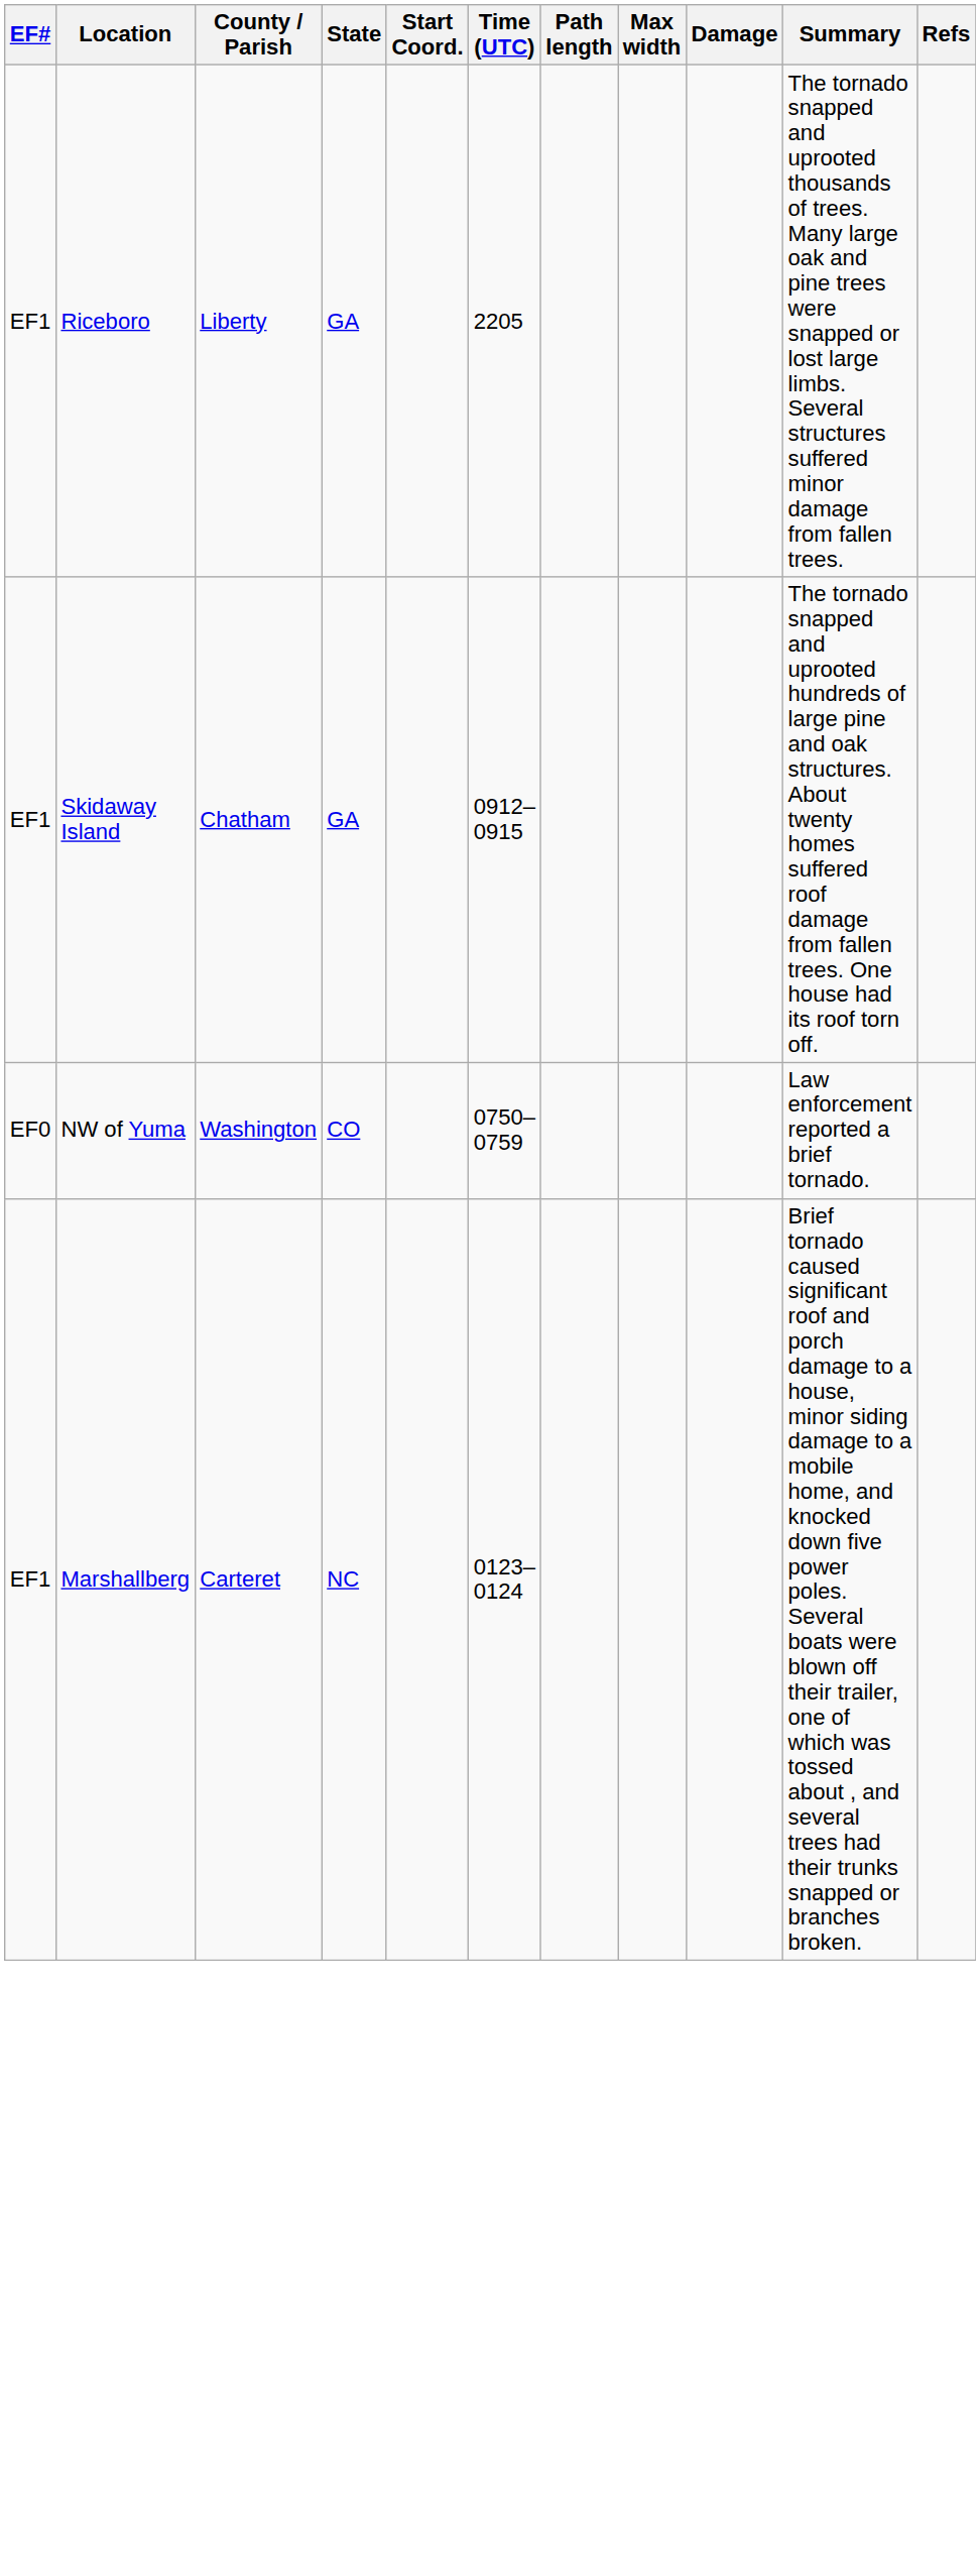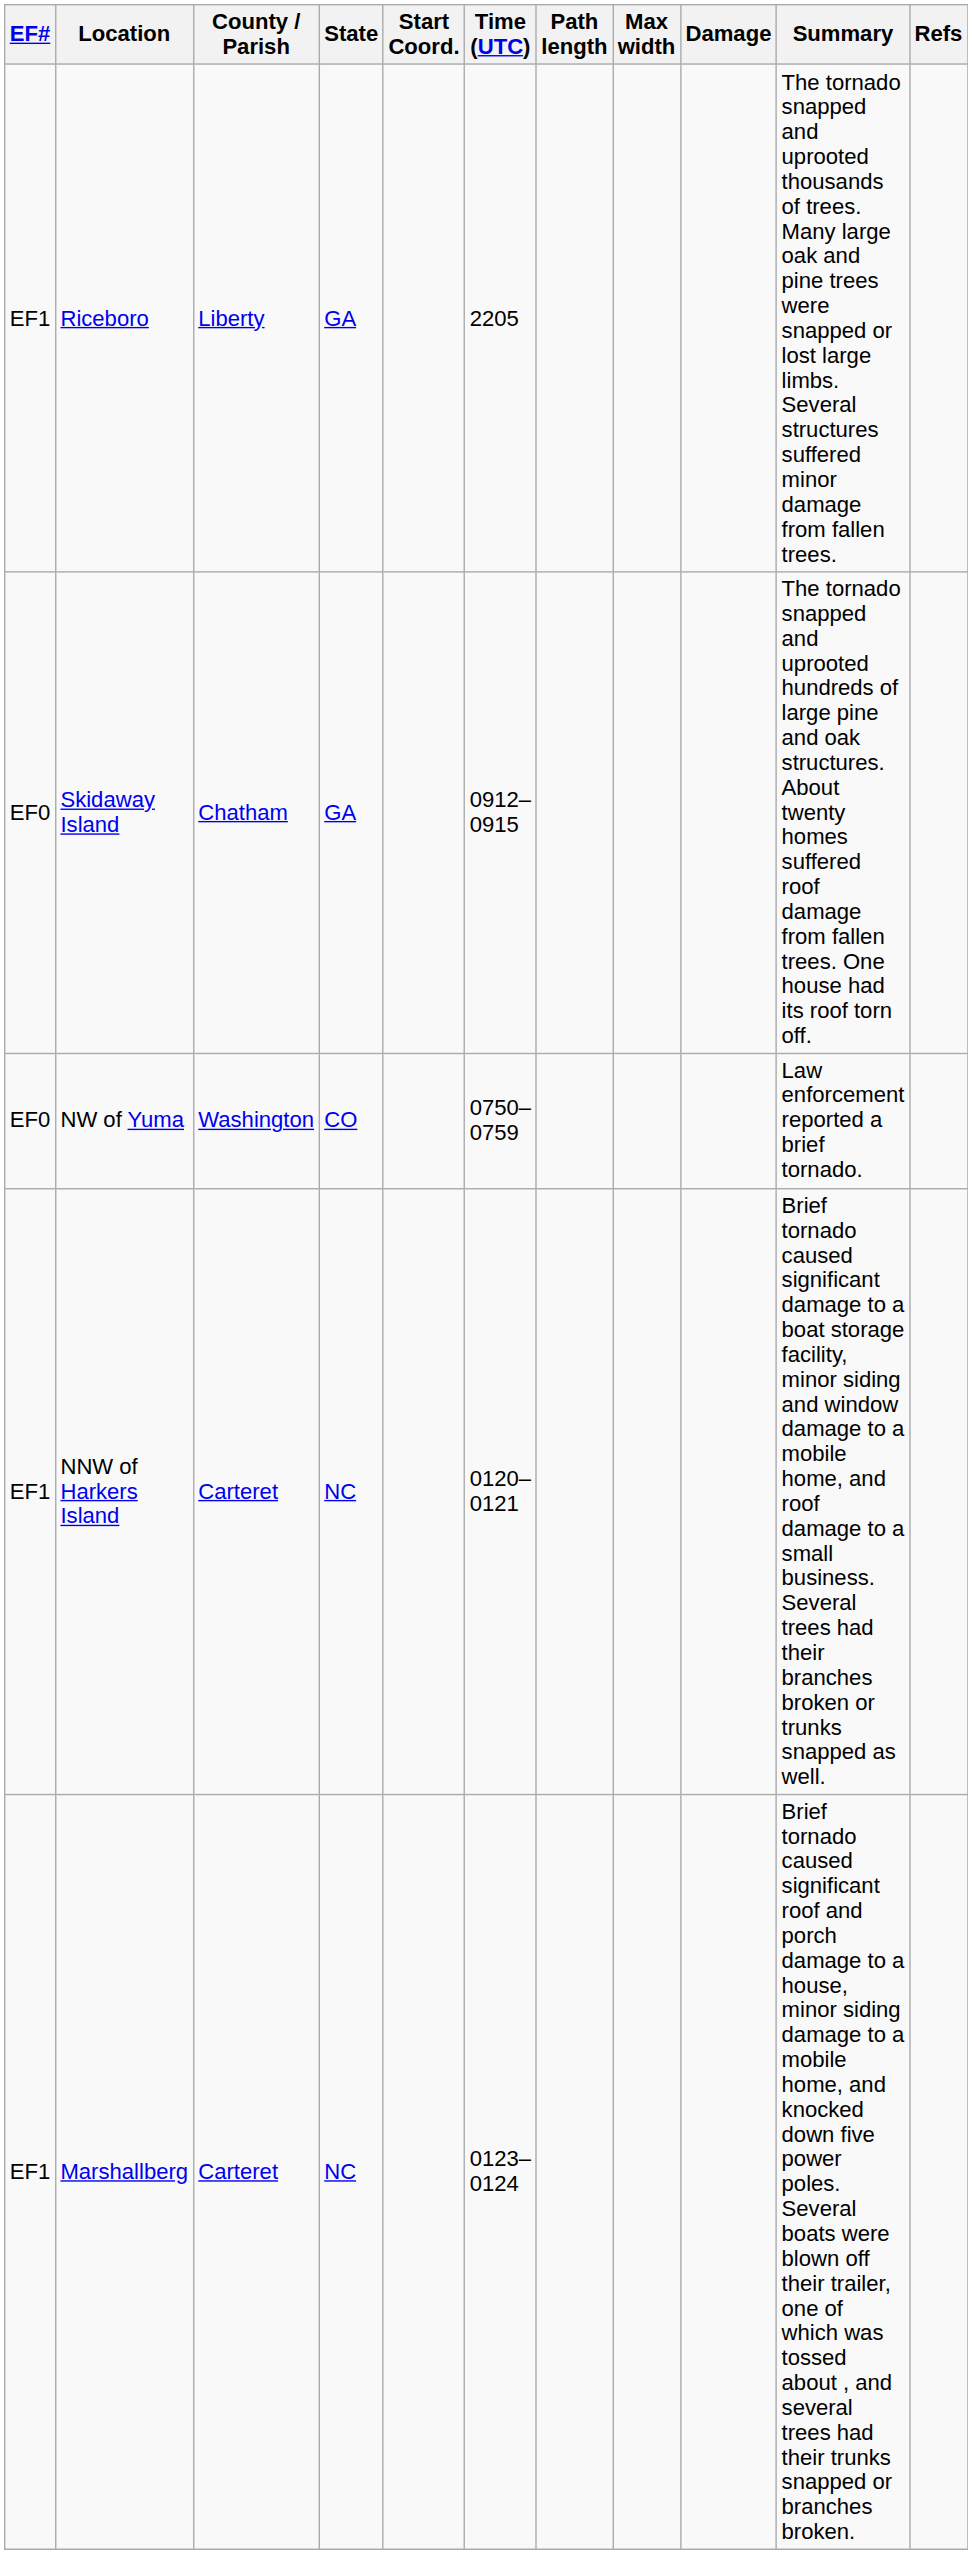 <table class="wikitable sortable" style="width:100%;">
 <tr>
 <th scope="col"  style="width:3%; text-align:center;"><a href='#'>EF#</a></th>
 <th scope="col"  style="width:7%; text-align:center;" class="unsortable">Location</th>
 <th scope="col"  style="width:6%; text-align:center;" class="unsortable">County / Parish</th>
 <th scope="col"  style="width:5%; text-align:center;">State</th>
 <th scope="col"  style="width:6%; text-align:center;">Start Coord.</th>
 <th scope="col"  style="width:6%; text-align:center;">Time (<a href='#'>UTC</a>)</th>
 <th scope="col"  style="width:6%; text-align:center;">Path length</th>
 <th scope="col"  style="width:6%; text-align:center;">Max width</th>
 <th scope="col"  style="width:6%; text-align:center;">Damage</th>
 <th scope="col" class="unsortable" style="width:48%; text-align:center;">Summary</th>
 <th scope="col" class="unsortable" style="width:48%; text-align:center;">Refs</th>
 </tr>
 <tr>
 <td>EF1</td>
 <td><a href='#'>Riceboro</a></td>
 <td><a href='#'>Liberty</a></td>
 <td><a href='#'>GA</a></td>
 <td></td>
 <td>2205</td>
 <td></td>
 <td></td>
 <td></td>
 <td>The tornado snapped and uprooted thousands of trees. Many large oak and pine trees were snapped or lost large limbs. Several structures suffered minor damage from fallen trees.</td>
 <td></td>
 </tr>
 <tr>
-<td>EF1</td>
+<td>EF0</td>
 <td><a href='#'>Skidaway Island</a></td>
 <td><a href='#'>Chatham</a></td>
 <td><a href='#'>GA</a></td>
 <td></td>
 <td>0912–0915</td>
 <td></td>
 <td></td>
 <td></td>
 <td>The tornado snapped and uprooted hundreds of large pine and oak structures. About twenty homes suffered roof damage from fallen trees. One house had its roof torn off.</td>
 <td></td>
 </tr>
 <tr>
 <td>EF0</td>
 <td>NW of <a href='#'>Yuma</a></td>
 <td><a href='#'>Washington</a></td>
 <td><a href='#'>CO</a></td>
 <td></td>
 <td>0750–0759</td>
 <td></td>
 <td></td>
 <td></td>
 <td>Law enforcement reported a brief tornado.</td>
 <td></td>
 </tr>
 <tr>
 <td>EF1</td>
+<td>NNW of <a href='#'>Harkers Island</a></td>
+<td><a href='#'>Carteret</a></td>
+<td><a href='#'>NC</a></td>
+<td></td>
+<td>0120–0121</td>
+<td></td>
+<td></td>
+<td></td>
+<td>Brief tornado caused significant damage to a boat storage facility, minor siding and window damage to a mobile home, and roof damage to a small business. Several trees had their branches broken or trunks snapped as well.</td>
+<td></td>
+</tr>
+<tr>
+<td>EF1</td>
 <td><a href='#'>Marshallberg</a></td>
 <td><a href='#'>Carteret</a></td>
 <td><a href='#'>NC</a></td>
 <td></td>
 <td>0123–0124</td>
 <td></td>
 <td></td>
 <td></td>
 <td>Brief tornado caused significant roof and porch damage to a house, minor siding damage to a mobile home, and knocked down five power poles. Several boats were blown off their trailer, one of which was tossed about , and several trees had their trunks snapped or branches broken.</td>
 <td></td>
 </tr>
 <tr>
 </tr>
 </table>
